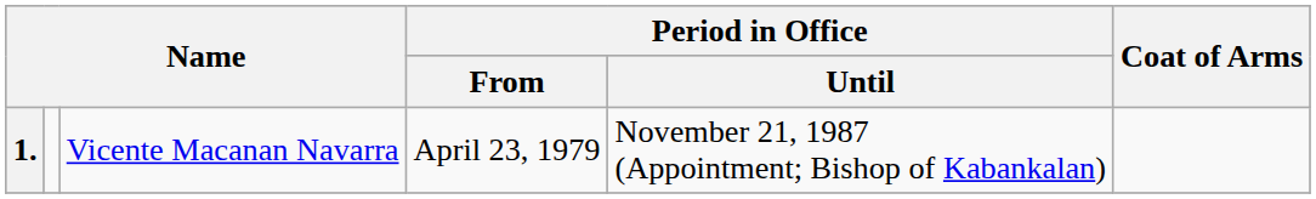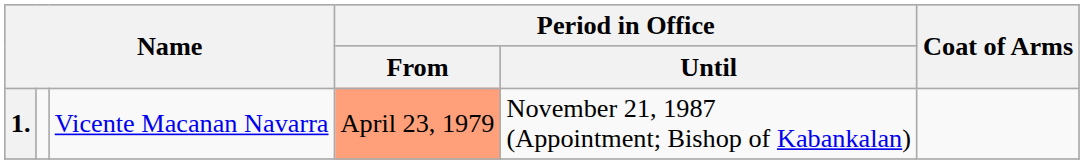 <table class="wikitable">
 <tr>
 <th colspan="3" rowspan="2">Name</th>
 <th colspan="2">Period in Office</th>
 <th rowspan="2">Coat of Arms</th>
 </tr>
 <tr>
 <th>From</th>
 <th>Until</th>
 </tr>
 <tr>
 <th>1.</th>
 <td></td>
 <td><a href='#'>Vicente Macanan Navarra</a></td>
-<td>April 23, 1979</td>
+<td style="background: lightsalmon;">April 23, 1979</td>
 <td>November 21, 1987<br>(Appointment; Bishop of <a href='#'>Kabankalan</a>)</td>
 <td></td>
 </tr>
 </table>
